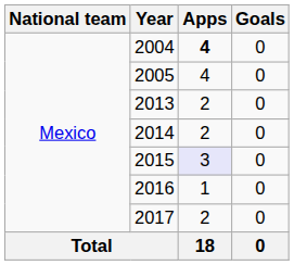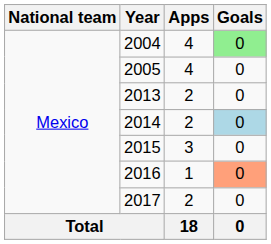 <table class="wikitable" style="text-align: center;">
 <tr>
 <th>National team</th>
 <th>Year</th>
 <th>Apps</th>
 <th>Goals</th>
 </tr>
 <tr>
 <td rowspan="7" valign="center"><a href='#'>Mexico</a></td>
 <td>2004</td>
-<td><strong>4</strong></td>
-<td>0</td>
+<td>4</td>
+<td style="background: lightgreen;">0</td>
 </tr>
 <tr>
 <td>2005</td>
 <td>4</td>
 <td>0</td>
 </tr>
 <tr>
 <td>2013</td>
 <td>2</td>
 <td>0</td>
 </tr>
 <tr>
 <td>2014</td>
 <td>2</td>
-<td>0</td>
+<td style="background: lightblue;">0</td>
 </tr>
 <tr>
 <td>2015</td>
-<td style="background: lavender;">3</td>
+<td>3</td>
 <td>0</td>
 </tr>
 <tr>
 <td>2016</td>
 <td>1</td>
-<td>0</td>
+<td style="background: lightsalmon;">0</td>
 </tr>
 <tr>
 <td>2017</td>
 <td>2</td>
 <td>0</td>
 </tr>
 <tr>
 <th colspan="2">Total</th>
 <th>18</th>
 <th>0</th>
 </tr>
 </table>
